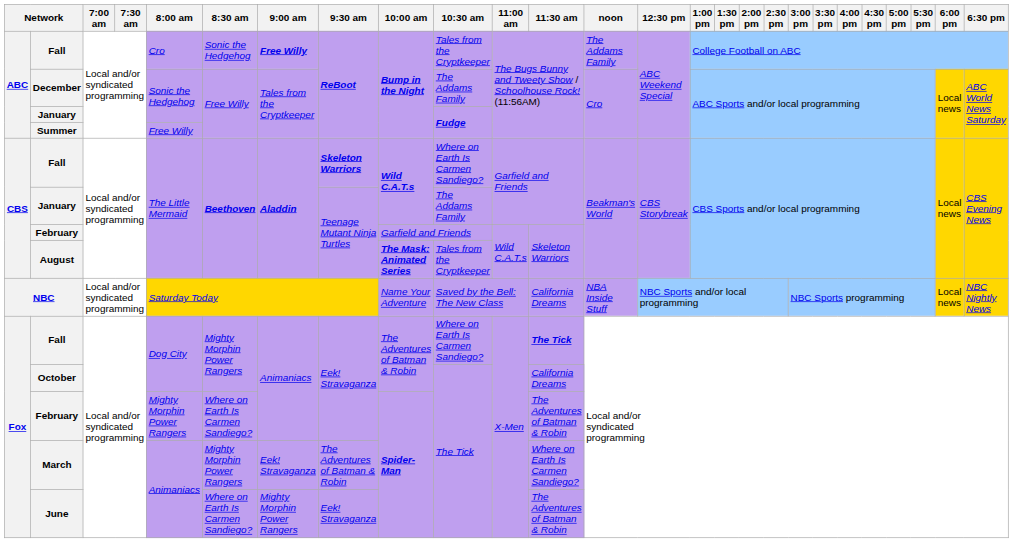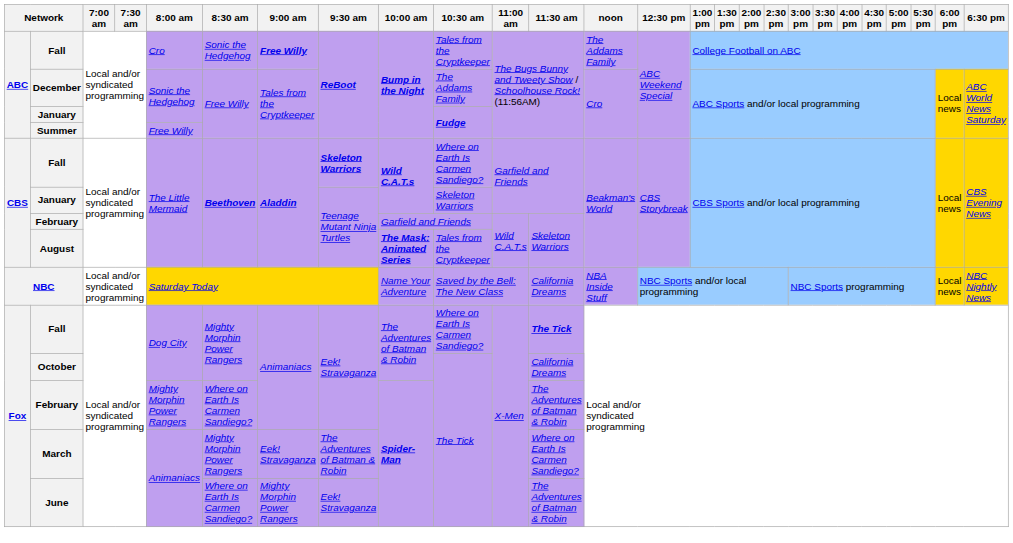 <table class="wikitable mw-collapsible" style="font-size:90%">
 <tr>
 <th colspan="2" width="1.5%" bgcolor="#C0C0C0">Network</th>
 <th width="4%" bgcolor="#C0C0C0">7:00 am</th>
 <th width="4%" bgcolor="#C0C0C0">7:30 am</th>
 <th width="4%" bgcolor="#C0C0C0">8:00 am</th>
 <th width="4%" bgcolor="#C0C0C0">8:30 am</th>
 <th width="4%" bgcolor="#C0C0C0">9:00 am</th>
 <th width="4%" bgcolor="#C0C0C0">9:30 am</th>
 <th width="4%" bgcolor="#C0C0C0">10:00 am</th>
 <th width="4%" bgcolor="#C0C0C0">10:30 am</th>
 <th width="4%" bgcolor="#C0C0C0">11:00 am</th>
 <th width="4%" bgcolor="#C0C0C0">11:30 am</th>
 <th width="4%" bgcolor="#C0C0C0">noon</th>
 <th width="4%" bgcolor="#C0C0C0">12:30 pm</th>
 <th width="4%" bgcolor="#C0C0C0">1:00 pm</th>
 <th width="4%" bgcolor="#C0C0C0">1:30 pm</th>
 <th width="4%" bgcolor="#C0C0C0">2:00 pm</th>
 <th width="4%" bgcolor="#C0C0C0">2:30 pm</th>
 <th width="4%" bgcolor="#C0C0C0">3:00 pm</th>
 <th width="4%" bgcolor="#C0C0C0">3:30 pm</th>
 <th width="4%" bgcolor="#C0C0C0">4:00 pm</th>
 <th width="4%" bgcolor="#C0C0C0">4:30 pm</th>
 <th width="4%" bgcolor="#C0C0C0">5:00 pm</th>
 <th width="4%" bgcolor="#C0C0C0">5:30 pm</th>
 <th width="4%" bgcolor="#C0C0C0">6:00 pm</th>
 <th width="4%" bgcolor="#C0C0C0">6:30 pm</th>
 </tr>
 <tr>
 <th rowspan="4" bgcolor="#C0C0C0"><a href='#'>ABC</a></th>
 <th>Fall</th>
 <td colspan="2" rowspan="4" bgcolor="white">Local and/or<br>syndicated<br>programming</td>
 <td rowspan="1" bgcolor="bf9fef"><em><a href='#'>Cro</a></em></td>
 <td rowspan="1" bgcolor="bf9fef"><em><a href='#'>Sonic the Hedgehog</a></em></td>
 <td rowspan="1" bgcolor="bf9fef"><strong><em><a href='#'>Free Willy</a></em></strong></td>
 <td rowspan="4" bgcolor="bf9fef"><strong><em><a href='#'>ReBoot</a></em></strong></td>
 <td rowspan="4" bgcolor="bf9fef"><strong><em><a href='#'>Bump in the Night</a></em></strong></td>
 <td rowspan="1" bgcolor="bf9fef"><em><a href='#'>Tales from the Cryptkeeper</a></em></td>
 <td colspan="2" rowspan="4" bgcolor="bf9fef"><em><a href='#'>The Bugs Bunny and Tweety Show</a></em> / <em><a href='#'>Schoolhouse Rock!</a></em> (11:56AM)</td>
 <td rowspan="1" bgcolor="bf9fef"><em><a href='#'>The Addams Family</a></em> </td>
 <td rowspan="4" bgcolor="bf9fef"><em><a href='#'>ABC Weekend Special</a></em></td>
 <td colspan="12" rowspan="1" bgcolor="99ccff"><a href='#'>College Football on ABC</a></td>
 </tr>
 <tr>
 <th>December</th>
 <td rowspan="2" bgcolor="bf9fef"><em><a href='#'>Sonic the Hedgehog</a></em></td>
 <td rowspan="3" bgcolor="bf9fef"><em><a href='#'>Free Willy</a></em></td>
 <td rowspan="3" bgcolor="bf9fef"><em><a href='#'>Tales from the Cryptkeeper</a></em></td>
 <td rowspan="1" bgcolor="bf9fef"><em><a href='#'>The Addams Family</a></em> </td>
 <td rowspan="3" bgcolor="bf9fef"><em><a href='#'>Cro</a></em></td>
 <td colspan="10" rowspan="3" bgcolor="99ccff"><a href='#'>ABC Sports</a> and/or local programming</td>
 <td rowspan="3" bgcolor="gold">Local news</td>
 <td rowspan="3" bgcolor="gold"><em><a href='#'>ABC World News Saturday</a></em></td>
 </tr>
 <tr>
 <th>January</th>
 <td rowspan="2" bgcolor="bf9fef"><strong><em><a href='#'>Fudge</a></em></strong></td>
 </tr>
 <tr>
 <th>Summer</th>
 <td rowspan="1" bgcolor="bf9fef"><em><a href='#'>Free Willy</a></em></td>
 </tr>
 <tr>
 <th rowspan="4" bgcolor="#C0C0C0"><a href='#'>CBS</a></th>
 <th>Fall</th>
 <td colspan="2" rowspan="4" bgcolor="white">Local and/or<br>syndicated<br>programming</td>
 <td rowspan="4" bgcolor="bf9fef"><em><a href='#'>The Little Mermaid</a></em></td>
 <td rowspan="4" bgcolor="bf9fef"><strong><em><a href='#'>Beethoven</a></em></strong></td>
 <td rowspan="4" bgcolor="bf9fef"><strong><em><a href='#'>Aladdin</a></em></strong></td>
 <td rowspan="1" bgcolor="bf9fef"><strong><em><a href='#'>Skeleton Warriors</a></em></strong></td>
 <td rowspan="2" bgcolor="bf9fef"><strong><em><a href='#'>Wild C.A.T.s</a></em></strong></td>
 <td bgcolor="bf9fef"><em><a href='#'>Where on Earth Is Carmen Sandiego?</a></em></td>
 <td colspan="2" rowspan="2" bgcolor="bf9fef"><em><a href='#'>Garfield and Friends</a></em></td>
 <td rowspan="4" bgcolor="bf9fef"><em><a href='#'>Beakman's World</a></em></td>
 <td rowspan="4" bgcolor="bf9fef"><em><a href='#'>CBS Storybreak</a></em> </td>
 <td colspan="10" rowspan="4" bgcolor="99ccff"><a href='#'>CBS Sports</a> and/or local programming</td>
 <td rowspan="4" bgcolor="gold">Local news</td>
 <td rowspan="4" bgcolor="gold"><em><a href='#'>CBS Evening News</a></em></td>
 </tr>
 <tr>
 <th>January</th>
 <td rowspan="3" bgcolor="bf9fef"><em><a href='#'>Teenage Mutant Ninja Turtles</a></em></td>
-<td rowspan="1" bgcolor="bf9fef"><em><a href='#'>The Addams Family</a></em> </td>
+<td rowspan="1" bgcolor="bf9fef"><em><a href='#'>Skeleton Warriors</a></em></td>
 </tr>
 <tr>
 <th>February</th>
 <td colspan="2" bgcolor="bf9fef"><em><a href='#'>Garfield and Friends</a></em></td>
 <td rowspan="2" bgcolor="bf9fef"><em><a href='#'>Wild C.A.T.s</a></em></td>
 <td rowspan="2" bgcolor="bf9fef"><em><a href='#'>Skeleton Warriors</a></em></td>
 </tr>
 <tr>
 <th>August</th>
 <td rowspan="1" bgcolor="bf9fef"><strong><em><a href='#'>The Mask: Animated Series</a></em></strong></td>
 <td rowspan="1" bgcolor="bf9fef"><em><a href='#'>Tales from the Cryptkeeper</a></em></td>
 </tr>
 <tr>
 <th colspan="2" bgcolor="#C0C0C0"><a href='#'>NBC</a></th>
 <td colspan="2" bgcolor="white">Local and/or<br>syndicated<br>programming</td>
 <td colspan="4" bgcolor="gold"><em><a href='#'>Saturday Today</a></em></td>
 <td bgcolor="bf9fef"><em><a href='#'>Name Your Adventure</a></em></td>
 <td colspan="2" bgcolor="bf9fef"><em><a href='#'>Saved by the Bell: The New Class</a></em></td>
 <td bgcolor="bf9fef"><em><a href='#'>California Dreams</a></em></td>
 <td bgcolor="bf9fef"><em><a href='#'>NBA Inside Stuff</a></em></td>
 <td colspan="5" bgcolor="99ccff"><a href='#'>NBC Sports</a> and/or local programming</td>
 <td colspan="6" bgcolor="99ccff"><a href='#'>NBC Sports</a> programming</td>
 <td bgcolor="gold">Local news</td>
 <td bgcolor="gold"><em><a href='#'>NBC Nightly News</a></em></td>
 </tr>
 <tr>
 <th rowspan="5" bgcolor="#C0C0C0"><a href='#'>Fox</a></th>
 <th>Fall</th>
 <td colspan="2" rowspan="5" bgcolor="white">Local and/or<br>syndicated<br>programming</td>
 <td rowspan="2" bgcolor="bf9fef"><em><a href='#'>Dog City</a></em></td>
 <td rowspan="2" bgcolor="bf9fef"><em><a href='#'>Mighty Morphin Power Rangers</a></em></td>
 <td rowspan="3" bgcolor="bf9fef"><em><a href='#'>Animaniacs</a></em></td>
 <td rowspan="3" bgcolor="bf9fef"><em><a href='#'>Eek! Stravaganza</a></em></td>
 <td rowspan="2" bgcolor="bf9fef"><em><a href='#'>The Adventures of Batman & Robin</a></em></td>
 <td bgcolor="bf9fef"><em><a href='#'>Where on Earth Is Carmen Sandiego?</a></em></td>
 <td rowspan="5" bgcolor="bf9fef"><em><a href='#'>X-Men</a></em></td>
 <td bgcolor="bf9fef"><strong><em><a href='#'>The Tick</a></em></strong></td>
 <td colspan="14" rowspan="5" bgcolor="white">Local and/or<br>syndicated<br>programming</td>
 </tr>
 <tr>
 <th>October</th>
 <td rowspan="4" bgcolor="bf9fef"><em><a href='#'>The Tick</a></em></td>
 <td bgcolor="bf9fef"><em><a href='#'>California Dreams</a></em></td>
 </tr>
 <tr>
 <th>February</th>
 <td bgcolor="bf9fef"><em><a href='#'>Mighty Morphin Power Rangers</a></em></td>
 <td bgcolor="bf9fef"><em><a href='#'>Where on Earth Is Carmen Sandiego?</a></em></td>
 <td rowspan="3" bgcolor="bf9fef"><strong><em><a href='#'>Spider-Man</a></em></strong></td>
 <td bgcolor="bf9fef"><em><a href='#'>The Adventures of Batman & Robin</a></em></td>
 </tr>
 <tr>
 <th>March</th>
 <td rowspan="2" bgcolor="bf9fef"><em><a href='#'>Animaniacs</a></em></td>
 <td bgcolor="bf9fef"><em><a href='#'>Mighty Morphin Power Rangers</a></em></td>
 <td bgcolor="bf9fef"><em><a href='#'>Eek! Stravaganza</a></em></td>
 <td bgcolor="bf9fef"><em><a href='#'>The Adventures of Batman & Robin</a></em></td>
 <td bgcolor="bf9fef"><em><a href='#'>Where on Earth Is Carmen Sandiego?</a></em></td>
 </tr>
 <tr>
 <th>June</th>
 <td bgcolor="bf9fef"><em><a href='#'>Where on Earth Is Carmen Sandiego?</a></em></td>
 <td bgcolor="bf9fef"><em><a href='#'>Mighty Morphin Power Rangers</a></em></td>
 <td bgcolor="bf9fef"><em><a href='#'>Eek! Stravaganza</a></em></td>
 <td bgcolor="bf9fef"><em><a href='#'>The Adventures of Batman & Robin</a></em></td>
 </tr>
 </table>
